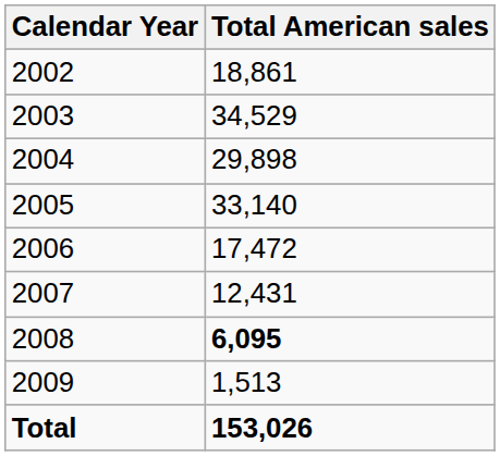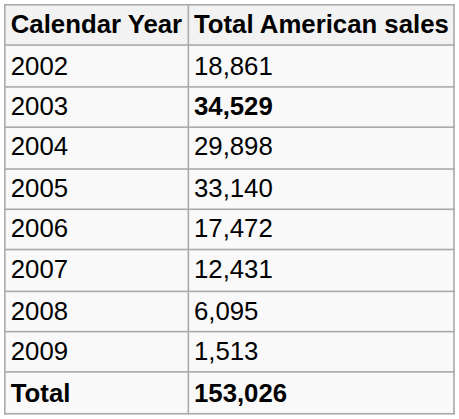 <table class="wikitable sortable">
 <tr>
 <th>Calendar Year</th>
 <th>Total American sales</th>
 </tr>
 <tr>
 <td>2002</td>
 <td>18,861</td>
 </tr>
 <tr>
 <td>2003</td>
-<td>34,529</td>
+<td><strong>34,529</strong></td>
 </tr>
 <tr>
 <td>2004</td>
 <td>29,898</td>
 </tr>
 <tr>
 <td>2005</td>
 <td>33,140</td>
 </tr>
 <tr>
 <td>2006</td>
 <td>17,472</td>
 </tr>
 <tr>
 <td>2007</td>
 <td>12,431</td>
 </tr>
 <tr>
 <td>2008</td>
-<td><strong>6,095</strong></td>
+<td>6,095</td>
 </tr>
 <tr>
 <td>2009</td>
 <td>1,513</td>
 </tr>
 <tr>
 <td><strong>Total</strong></td>
 <td><strong>153,026</strong></td>
 </tr>
 </table>
